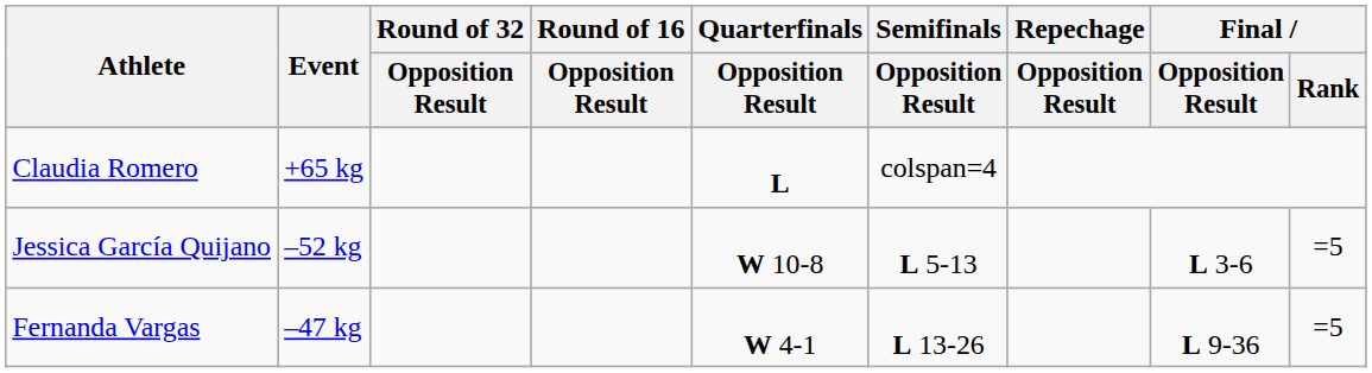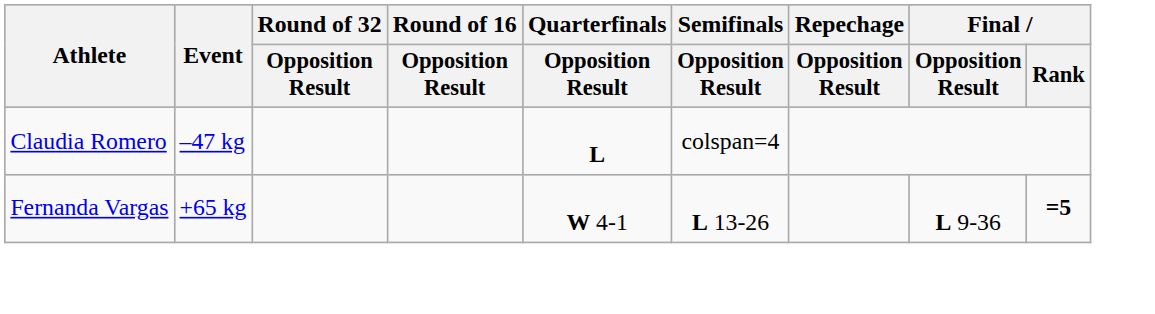 <table class="wikitable" style="font-size:90%;">
 <tr>
 <th rowspan=2>Athlete</th>
 <th rowspan=2>Event</th>
 <th>Round of 32</th>
 <th>Round of 16</th>
 <th>Quarterfinals</th>
 <th>Semifinals</th>
 <th>Repechage</th>
 <th colspan=2>Final / </th>
 </tr>
 <tr style="font-size:95%">
 <th>Opposition<br>Result</th>
 <th>Opposition<br>Result</th>
 <th>Opposition<br>Result</th>
 <th>Opposition<br>Result</th>
 <th>Opposition<br>Result</th>
 <th>Opposition<br>Result</th>
 <th>Rank</th>
 </tr>
 <tr align=center>
 <td align=left><a href='#'>Claudia Romero</a></td>
-<td align=left><a href='#'>+65 kg</a></td>
+<td align=left><a href='#'>–47 kg</a></td>
 <td></td>
 <td></td>
 <td><br><strong>L</strong> </td>
 <td>colspan=4</td>
 </tr>
 <tr align=center>
-<td align=left><a href='#'>Jessica García Quijano</a></td>
-<td align=left><a href='#'>–52 kg</a></td>
-<td></td>
-<td></td>
-<td><br><strong>W</strong> 10-8</td>
-<td><br><strong>L</strong> 5-13</td>
-<td></td>
-<td><br><strong>L</strong> 3-6</td>
-<td>=5</td>
-</tr>
-<tr align=center>
 <td align=left><a href='#'>Fernanda Vargas</a></td>
-<td align=left><a href='#'>–47 kg</a></td>
+<td align=left><a href='#'>+65 kg</a></td>
 <td></td>
 <td></td>
 <td><br><strong>W</strong> 4-1</td>
 <td><br><strong>L</strong> 13-26</td>
 <td></td>
 <td><br><strong>L</strong> 9-36</td>
-<td>=5</td>
+<td><strong>=5</strong></td>
 </tr>
 </table>
